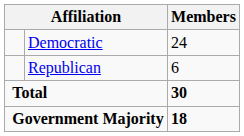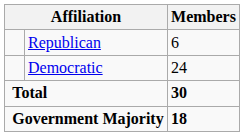 <table class="wikitable">
 <tr>
 <th colspan="2">Affiliation</th>
 <th>Members</th>
 </tr>
 <tr>
 <td style="background-color:"> </td>
-<td><a href='#'>Democratic</a></td>
-<td>24</td>
+<td><a href='#'>Republican</a></td>
+<td>6</td>
 </tr>
 <tr>
 <td style="background-color:"> </td>
-<td><a href='#'>Republican</a></td>
-<td>6</td>
+<td><a href='#'>Democratic</a></td>
+<td>24</td>
 </tr>
 <tr>
 <td colspan="2" rowspan="1"> <strong>Total</strong></td>
 <td><strong>30</strong></td>
 </tr>
 <tr>
 <td colspan="2" rowspan="1"> <strong>Government Majority</strong></td>
 <td><strong>18</strong></td>
 </tr>
 </table>
